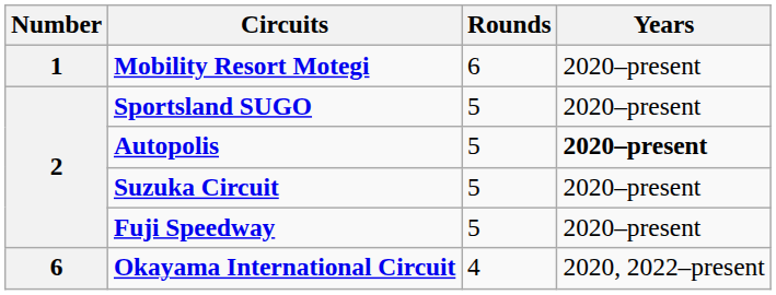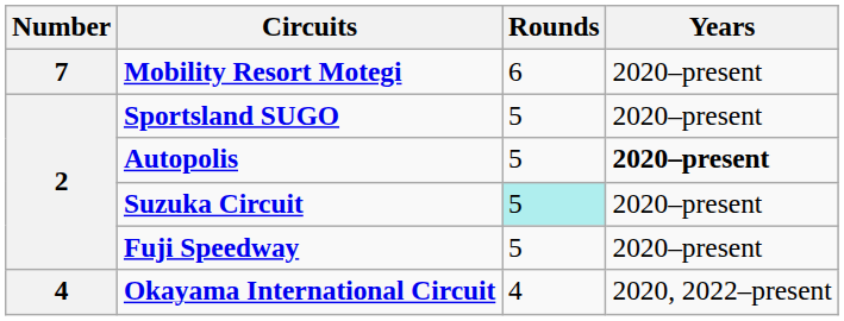 <table class="wikitable" style="text-align=center">
 <tr>
 <th>Number</th>
 <th>Circuits</th>
 <th>Rounds</th>
 <th>Years</th>
 </tr>
 <tr>
-<th>1</th>
+<th>7</th>
 <td><strong><a href='#'>Mobility Resort Motegi</a></strong></td>
 <td>6</td>
 <td>2020–⁠present</td>
 </tr>
 <tr>
 <th rowspan=4>2</th>
 <td><strong><a href='#'>Sportsland SUGO</a></strong></td>
 <td>5</td>
 <td>2020–⁠present</td>
 </tr>
 <tr>
 <td><strong><a href='#'>Autopolis</a></strong></td>
 <td>5</td>
 <td><strong>2020–⁠present</strong></td>
 </tr>
 <tr>
 <td><strong><a href='#'>Suzuka Circuit</a></strong></td>
-<td>5</td>
+<td style="background: paleturquoise;">5</td>
 <td>2020–⁠present</td>
 </tr>
 <tr>
 <td><strong><a href='#'>Fuji Speedway</a></strong></td>
 <td>5</td>
 <td>2020–⁠present</td>
 </tr>
 <tr>
-<th>6</th>
+<th>4</th>
 <td><strong><a href='#'>Okayama International Circuit</a></strong></td>
 <td>4</td>
 <td>2020, 2022–present</td>
 </tr>
 </table>
